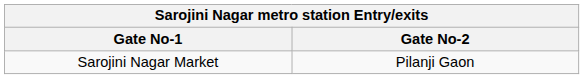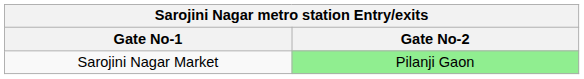 <table class="wikitable" style="text-align: center;" width="50%">
 <tr>
 <th align="center" colspan="5" style="background:#"><span>Sarojini Nagar metro station Entry/exits</span></th>
 </tr>
 <tr>
 <th style="width:25%;">Gate No-1 </th>
 <th style="width:25%;">Gate No-2</th>
 </tr>
 <tr>
 <td>Sarojini Nagar Market</td>
-<td>Pilanji Gaon</td>
+<td style="background: lightgreen;">Pilanji Gaon</td>
 </tr>
 </table>
